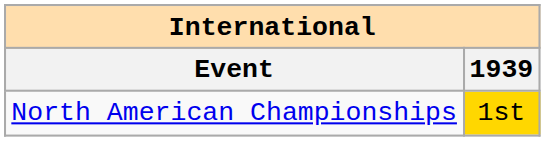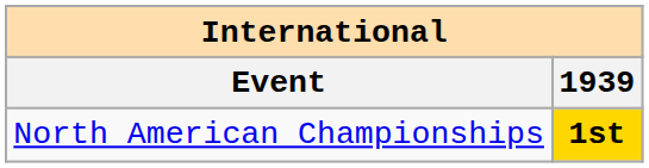 <table class="wikitable" style="text-align:center">
 <tr>
 <th style="background-color: #ffdead; " colspan=2 align=center><strong>International</strong></th>
 </tr>
 <tr>
 <th>Event</th>
 <th>1939</th>
 </tr>
 <tr>
 <td align=left><a href='#'>North American Championships</a></td>
-<td bgcolor=gold>1st</td>
+<td bgcolor=gold><strong>1st</strong></td>
 </tr>
 </table>
